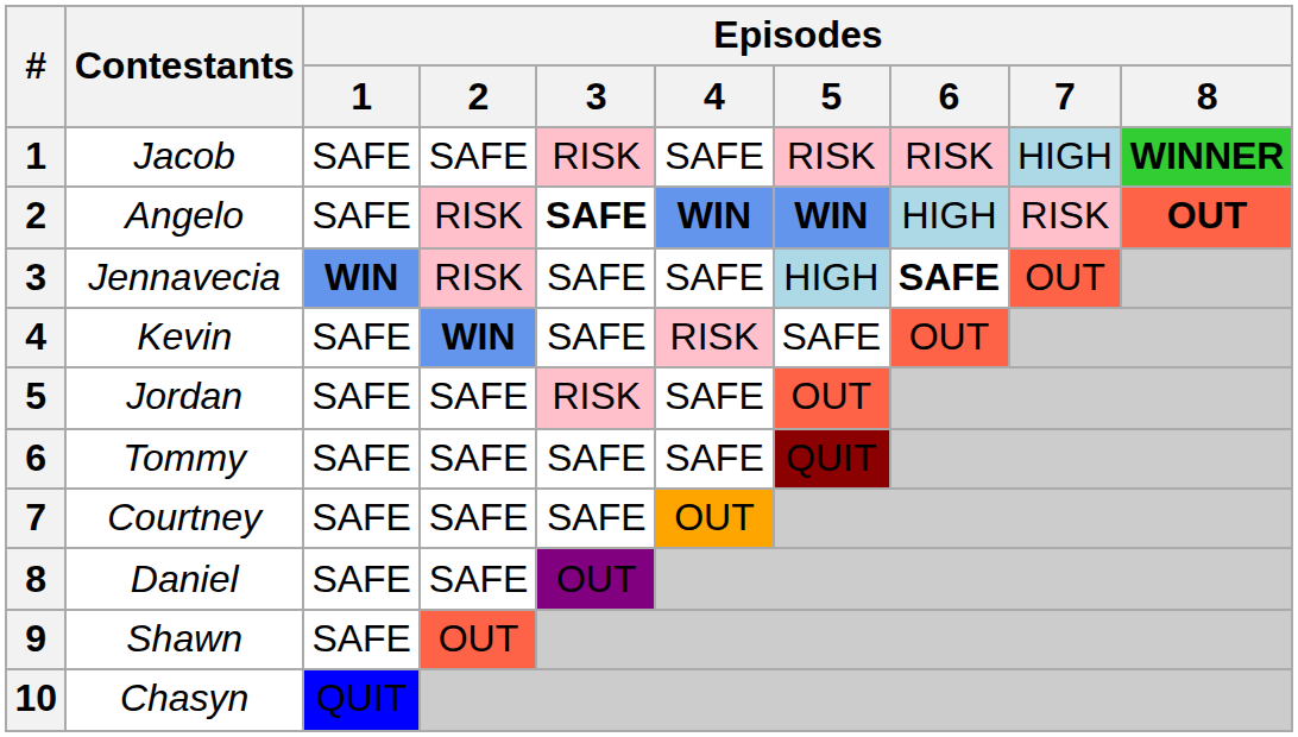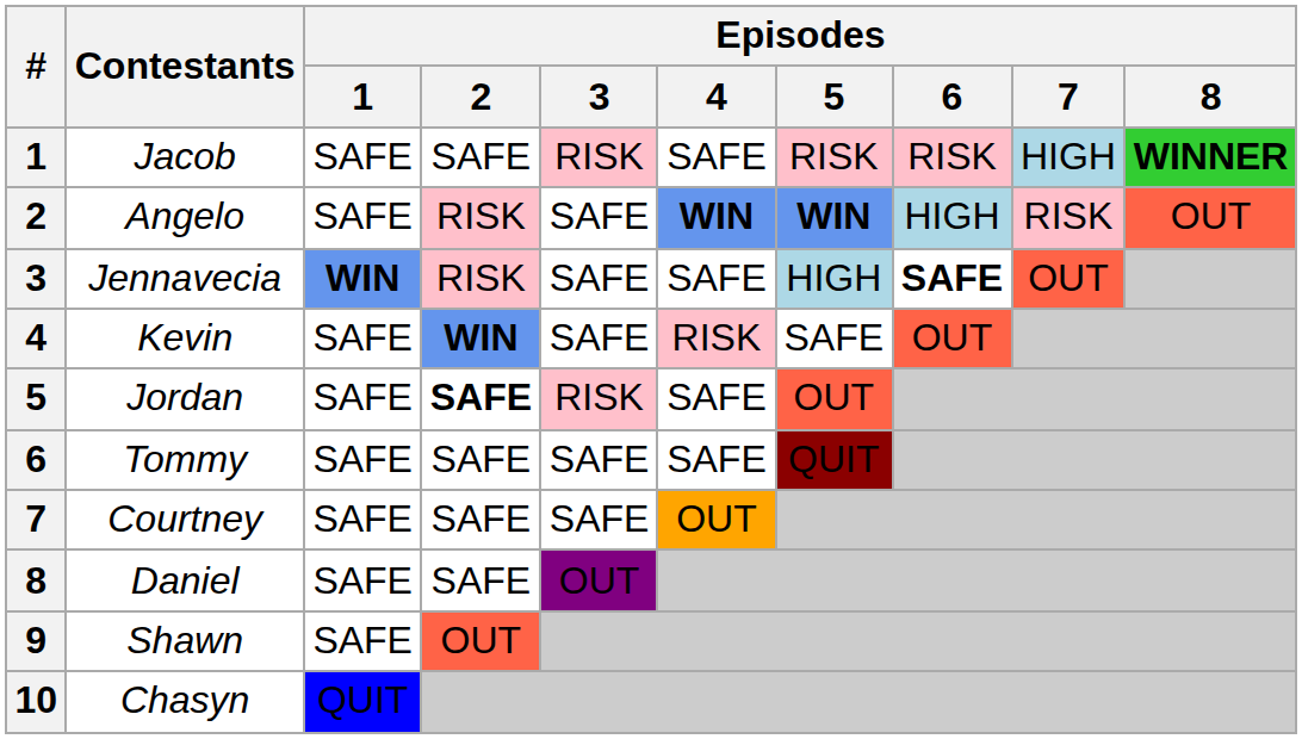 <table class="wikitable" style="text-align:center; background:white">
 <tr>
 <th rowspan=2>#</th>
 <th rowspan=2>Contestants</th>
 <th colspan=8>Episodes</th>
 </tr>
 <tr>
 <th>1</th>
 <th>2</th>
 <th>3</th>
 <th>4</th>
 <th>5</th>
 <th>6</th>
 <th>7</th>
 <th>8</th>
 </tr>
 <tr>
 <th>1</th>
 <td bgcolor="white"><em>Jacob</em></td>
 <td>SAFE</td>
 <td>SAFE</td>
 <td bgcolor="pink">RISK</td>
 <td>SAFE</td>
 <td bgcolor="pink">RISK</td>
 <td bgcolor="pink">RISK</td>
 <td bgcolor="lightblue">HIGH</td>
 <td bgcolor="limegreen"><strong>WINNER</strong></td>
 </tr>
 <tr>
 <th>2</th>
 <td bgcolor="white"><em>Angelo</em></td>
 <td>SAFE</td>
 <td bgcolor="pink">RISK</td>
-<td><strong>SAFE</strong></td>
+<td>SAFE</td>
 <td bgcolor="cornflowerblue"><strong>WIN</strong></td>
 <td bgcolor="cornflowerblue"><strong>WIN</strong></td>
 <td bgcolor="lightblue">HIGH</td>
 <td bgcolor="pink">RISK</td>
-<td bgcolor="tomato"><strong>OUT</strong></td>
+<td bgcolor="tomato">OUT</td>
 </tr>
 <tr>
 <th>3</th>
 <td bgcolor="white"><em>Jennavecia</em></td>
 <td bgcolor="cornflowerblue"><strong>WIN</strong></td>
 <td bgcolor="pink">RISK</td>
 <td>SAFE</td>
 <td>SAFE</td>
 <td bgcolor="lightblue">HIGH</td>
 <td><strong>SAFE</strong></td>
 <td bgcolor="tomato">OUT</td>
 <td bgcolor="#ccc"></td>
 </tr>
 <tr>
 <th>4</th>
 <td bgcolor="white"><em>Kevin</em></td>
 <td>SAFE</td>
 <td bgcolor="cornflowerblue"><strong>WIN</strong></td>
 <td>SAFE</td>
 <td bgcolor="pink">RISK</td>
 <td>SAFE</td>
 <td bgcolor="tomato">OUT</td>
 <td bgcolor="#ccc" colspan="2"></td>
 </tr>
 <tr>
 <th>5</th>
 <td bgcolor="white"><em>Jordan</em></td>
 <td>SAFE</td>
-<td>SAFE</td>
+<td><strong>SAFE</strong></td>
 <td bgcolor="pink">RISK</td>
 <td>SAFE</td>
 <td bgcolor="tomato">OUT</td>
 <td bgcolor="#ccc" colspan="3"></td>
 </tr>
 <tr>
 <th>6</th>
 <td bgcolor="white"><em>Tommy</em></td>
 <td>SAFE</td>
 <td>SAFE</td>
 <td>SAFE</td>
 <td>SAFE</td>
 <td bgcolor="darkred"><span>QUIT</span></td>
 <td bgcolor="#ccc" colspan="3"></td>
 </tr>
 <tr>
 <th>7</th>
 <td bgcolor="white"><em>Courtney</em></td>
 <td>SAFE</td>
 <td>SAFE</td>
 <td>SAFE</td>
 <td bgcolor="orange">OUT</td>
 <td bgcolor="#ccc" colspan="4"></td>
 </tr>
 <tr>
 <th>8</th>
 <td bgcolor="white"><em>Daniel</em></td>
 <td>SAFE</td>
 <td>SAFE</td>
 <td bgcolor="purple"><span>OUT</span></td>
 <td bgcolor="#ccc" colspan="5"></td>
 </tr>
 <tr>
 <th>9</th>
 <td bgcolor="white"><em>Shawn</em></td>
 <td>SAFE</td>
 <td bgcolor="tomato">OUT</td>
 <td bgcolor="#ccc" colspan="6"></td>
 </tr>
 <tr>
 <th>10</th>
 <td bgcolor="white"><em>Chasyn</em></td>
 <td bgcolor="blue"><span>QUIT</span></td>
 <td bgcolor="#ccc" colspan="7"></td>
 </tr>
 </table>
